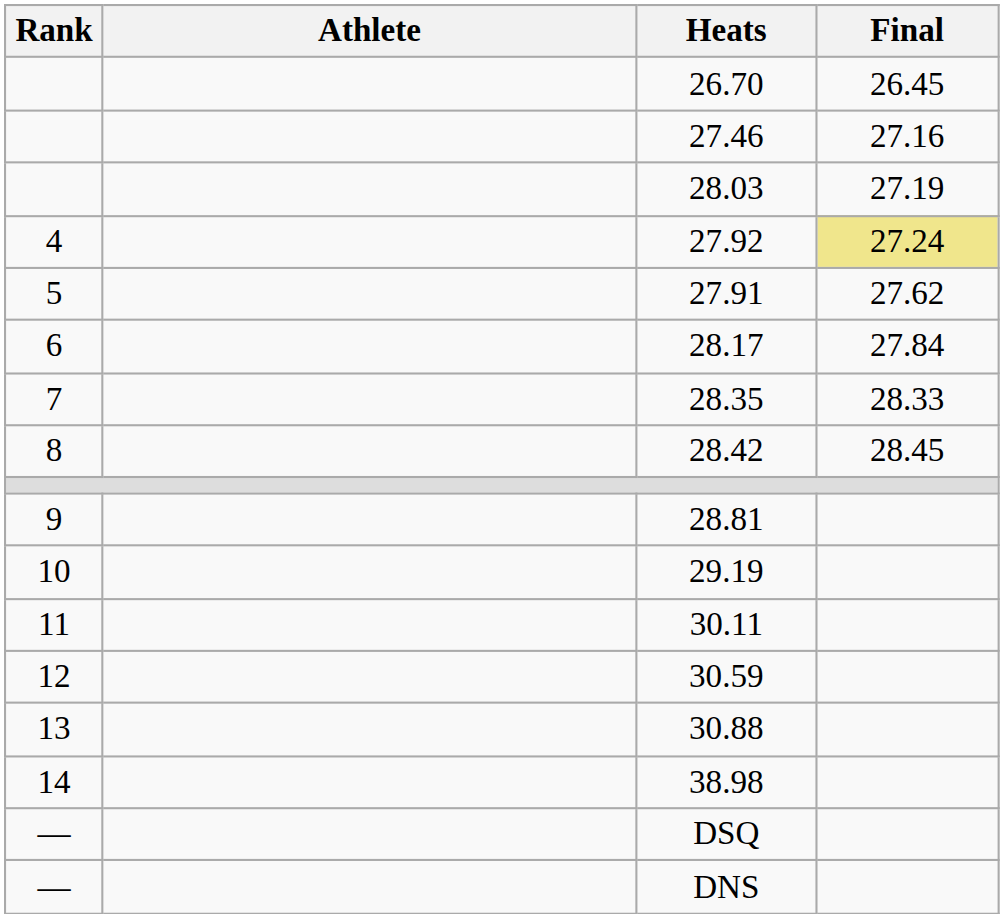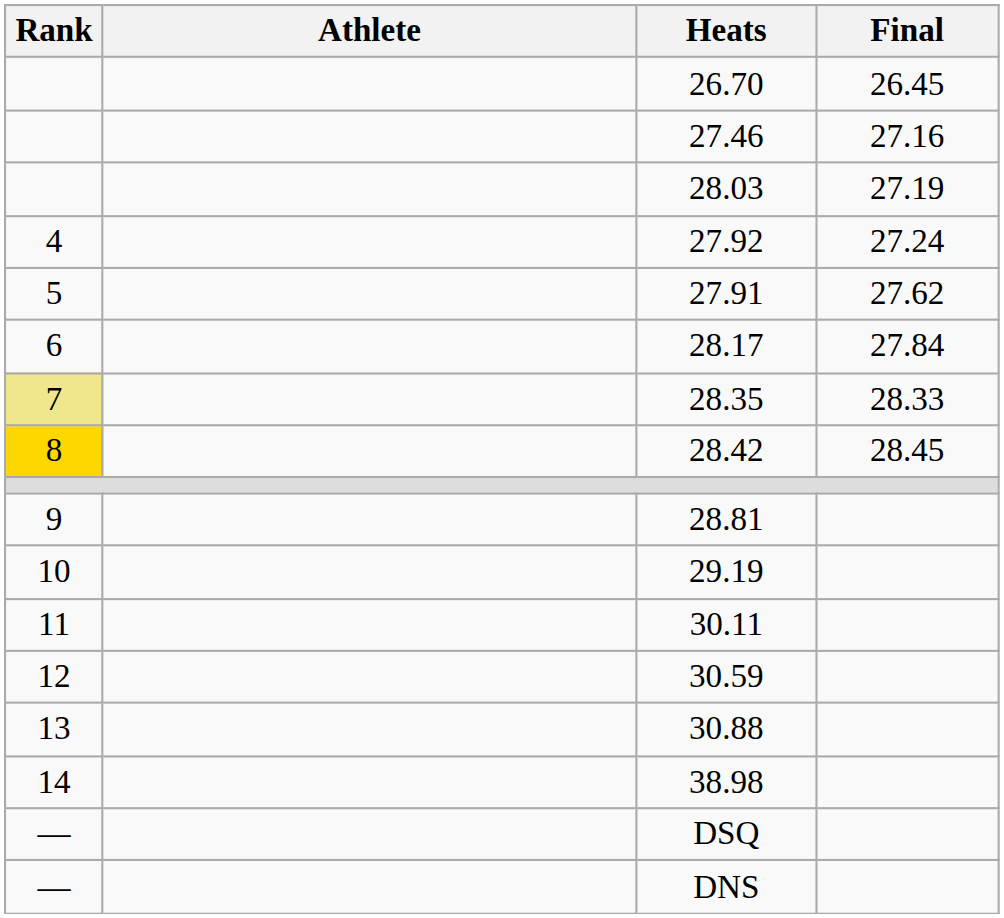 <table class=wikitable style="text-align:center">
 <tr>
 <th width=40>Rank</th>
 <th width=250>Athlete</th>
 <th width=80>Heats</th>
 <th width=80>Final</th>
 </tr>
 <tr>
 <td></td>
 <td align=left></td>
 <td>26.70</td>
 <td>26.45</td>
 </tr>
 <tr>
 <td></td>
 <td align=left></td>
 <td>27.46</td>
 <td>27.16</td>
 </tr>
 <tr>
 <td></td>
 <td align=left></td>
 <td>28.03</td>
 <td>27.19</td>
 </tr>
 <tr>
 <td>4</td>
 <td align=left></td>
 <td>27.92</td>
-<td style="background: khaki;">27.24</td>
+<td>27.24</td>
 </tr>
 <tr>
 <td>5</td>
 <td align=left></td>
 <td>27.91</td>
 <td>27.62</td>
 </tr>
 <tr>
 <td>6</td>
 <td align=left></td>
 <td>28.17</td>
 <td>27.84</td>
 </tr>
 <tr>
-<td>7</td>
+<td style="background: khaki;">7</td>
 <td align=left></td>
 <td>28.35</td>
 <td>28.33</td>
 </tr>
 <tr>
-<td>8</td>
+<td style="background: gold;">8</td>
 <td align=left></td>
 <td>28.42</td>
 <td>28.45</td>
 </tr>
 <tr bgcolor=#DDDDDD>
 <td colspan=4></td>
 </tr>
 <tr>
 <td>9</td>
 <td align=left></td>
 <td>28.81</td>
 <td></td>
 </tr>
 <tr>
 <td>10</td>
 <td align=left></td>
 <td>29.19</td>
 <td></td>
 </tr>
 <tr>
 <td>11</td>
 <td align=left></td>
 <td>30.11</td>
 <td></td>
 </tr>
 <tr>
 <td>12</td>
 <td align=left></td>
 <td>30.59</td>
 <td></td>
 </tr>
 <tr>
 <td>13</td>
 <td align=left></td>
 <td>30.88</td>
 <td></td>
 </tr>
 <tr>
 <td>14</td>
 <td align=left></td>
 <td>38.98</td>
 <td></td>
 </tr>
 <tr>
 <td>—</td>
 <td align=left></td>
 <td>DSQ</td>
 <td></td>
 </tr>
 <tr>
 <td>—</td>
 <td align=left></td>
 <td>DNS</td>
 <td></td>
 </tr>
 </table>
